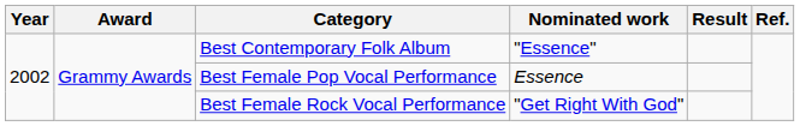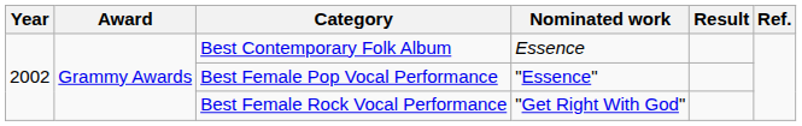 <table class="wikitable">
 <tr>
 <th scope="col">Year</th>
 <th scope="col">Award</th>
 <th scope="col">Category</th>
 <th scope="col">Nominated work</th>
 <th scope="col">Result</th>
 <th scope="col">Ref.</th>
 </tr>
 <tr>
 <td rowspan="3">2002</td>
 <td rowspan="3"><a href='#'>Grammy Awards</a></td>
 <td><a href='#'>Best Contemporary Folk Album</a></td>
-<td>"<a href='#'>Essence</a>"</td>
+<td><em>Essence</em></td>
 <td></td>
 <td rowspan="3" align="center"></td>
 </tr>
 <tr>
 <td><a href='#'>Best Female Pop Vocal Performance</a></td>
-<td><em>Essence</em></td>
+<td>"<a href='#'>Essence</a>"</td>
 <td></td>
 </tr>
 <tr>
 <td><a href='#'>Best Female Rock Vocal Performance</a></td>
 <td>"<a href='#'>Get Right With God</a>"</td>
 <td></td>
 </tr>
 </table>
